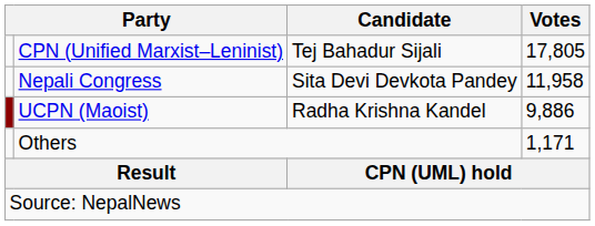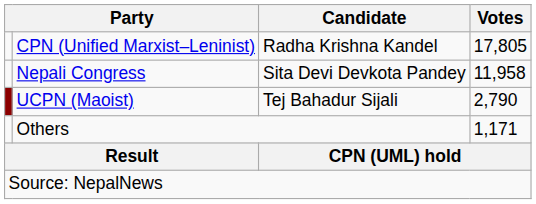 <table class="wikitable">
 <tr>
 <th colspan="2">Party</th>
 <th>Candidate</th>
 <th>Votes</th>
 </tr>
 <tr>
 <td style="background-color:"></td>
 <td><a href='#'>CPN (Unified Marxist–Leninist)</a></td>
-<td>Tej Bahadur Sijali</td>
+<td>Radha Krishna Kandel</td>
 <td>17,805</td>
 </tr>
 <tr>
 <td style="background-color:"></td>
 <td><a href='#'>Nepali Congress</a></td>
 <td>Sita Devi Devkota Pandey</td>
 <td>11,958</td>
 </tr>
 <tr>
 <td style="background-color:darkred"></td>
 <td><a href='#'>UCPN (Maoist)</a></td>
-<td>Radha Krishna Kandel</td>
-<td>9,886</td>
+<td>Tej Bahadur Sijali</td>
+<td>2,790</td>
 </tr>
 <tr>
 <td></td>
 <td colspan="2">Others</td>
 <td>1,171</td>
 </tr>
 <tr>
 <th colspan="2">Result</th>
 <th colspan="2">CPN (UML) hold</th>
 </tr>
 <tr>
 <td colspan="4">Source: NepalNews</td>
 </tr>
 </table>
